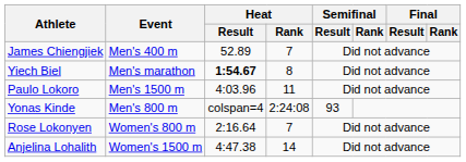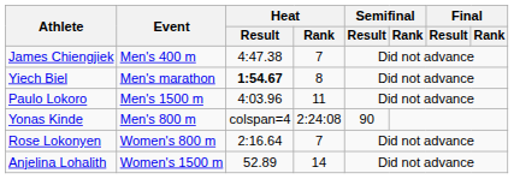 <table class="wikitable" style="font-size:90%">
 <tr>
 <th rowspan="2">Athlete</th>
 <th rowspan="2">Event</th>
 <th colspan="2">Heat</th>
 <th colspan="2">Semifinal</th>
 <th colspan="2">Final</th>
 </tr>
 <tr style="font-size:95%">
 <th>Result</th>
 <th>Rank</th>
 <th>Result</th>
 <th>Rank</th>
 <th>Result</th>
 <th>Rank</th>
 </tr>
 <tr align=center>
 <td align=left><a href='#'>James Chiengjiek</a></td>
 <td align=left><a href='#'>Men's 400 m</a></td>
-<td>52.89</td>
+<td>4:47.38</td>
 <td>7</td>
 <td colspan=4>Did not advance</td>
 </tr>
 <tr align=center>
 <td align=left><a href='#'>Yiech Biel</a></td>
 <td align=left><a href='#'>Men's marathon</a></td>
 <td><strong>1:54.67</strong></td>
 <td>8</td>
 <td colspan=4>Did not advance</td>
 </tr>
 <tr align=center>
 <td align=left><a href='#'>Paulo Lokoro</a></td>
 <td align=left><a href='#'>Men's 1500 m</a></td>
 <td>4:03.96</td>
 <td>11</td>
 <td colspan=4>Did not advance</td>
 </tr>
 <tr align=center>
 <td align=left><a href='#'>Yonas Kinde</a></td>
 <td align=left><a href='#'>Men's 800 m</a></td>
 <td>colspan=4 </td>
 <td>2:24:08</td>
-<td>93</td>
+<td>90</td>
 </tr>
 <tr align=center>
 <td align=left><a href='#'>Rose Lokonyen</a></td>
 <td align=left><a href='#'>Women's 800 m</a></td>
 <td>2:16.64</td>
 <td>7</td>
 <td colspan=4>Did not advance</td>
 </tr>
 <tr align=center>
 <td align=left><a href='#'>Anjelina Lohalith</a></td>
 <td align=left><a href='#'>Women's 1500 m</a></td>
-<td>4:47.38</td>
+<td>52.89</td>
 <td>14</td>
 <td colspan=4>Did not advance</td>
 </tr>
 </table>
